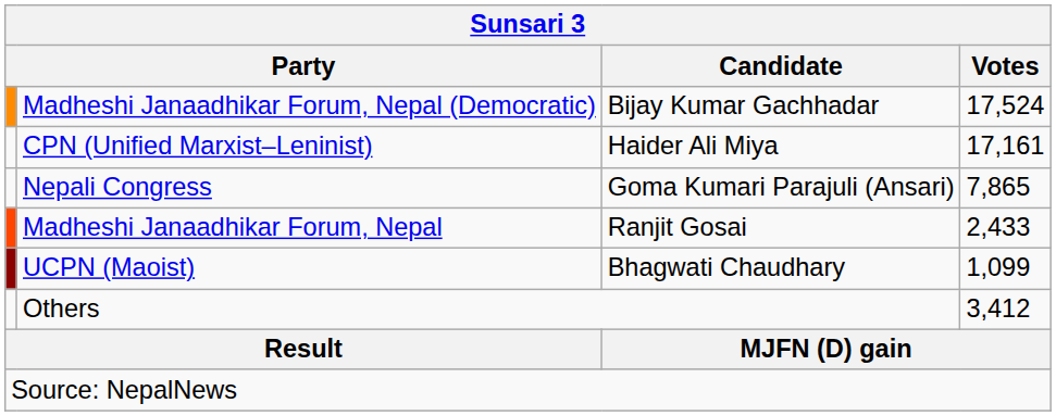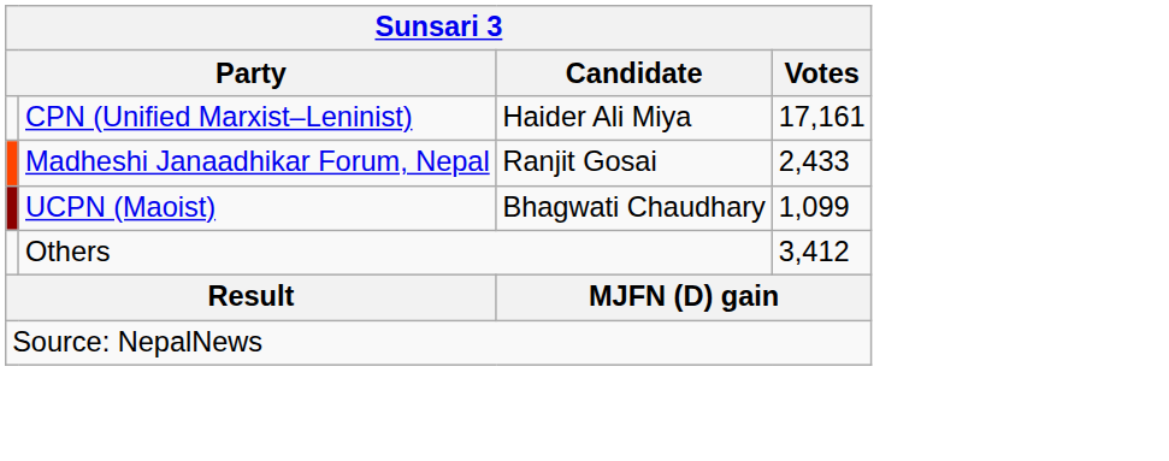 <table class="wikitable">
 <tr>
 <th colspan="4"><a href='#'>Sunsari 3</a></th>
 </tr>
 <tr>
 <th colspan="2">Party</th>
 <th>Candidate</th>
 <th>Votes</th>
 </tr>
 <tr>
-<td style="background-color:darkorange"></td>
-<td><a href='#'>Madheshi Janaadhikar Forum, Nepal (Democratic)</a></td>
-<td>Bijay Kumar Gachhadar</td>
-<td>17,524</td>
-</tr>
-<tr>
 <td style="background-color:"></td>
 <td><a href='#'>CPN (Unified Marxist–Leninist)</a></td>
 <td>Haider Ali Miya</td>
 <td>17,161</td>
-</tr>
-<tr>
-<td style="background-color:"></td>
-<td><a href='#'>Nepali Congress</a></td>
-<td>Goma Kumari Parajuli (Ansari)</td>
-<td>7,865</td>
 </tr>
 <tr>
 <td style="background-color:orangered"></td>
 <td><a href='#'>Madheshi Janaadhikar Forum, Nepal</a></td>
 <td>Ranjit Gosai</td>
 <td>2,433</td>
 </tr>
 <tr>
 <td style="background-color:darkred"></td>
 <td><a href='#'>UCPN (Maoist)</a></td>
 <td>Bhagwati Chaudhary</td>
 <td>1,099</td>
 </tr>
 <tr>
 <td></td>
 <td colspan="2">Others</td>
 <td>3,412</td>
 </tr>
 <tr>
 <th colspan="2">Result</th>
 <th colspan="2">MJFN (D) gain</th>
 </tr>
 <tr>
 <td colspan="4">Source: NepalNews</td>
 </tr>
 </table>
